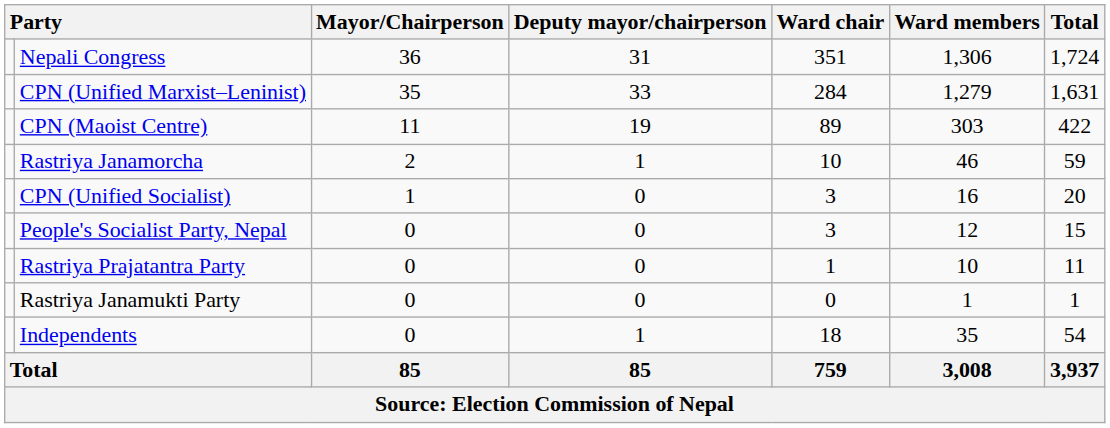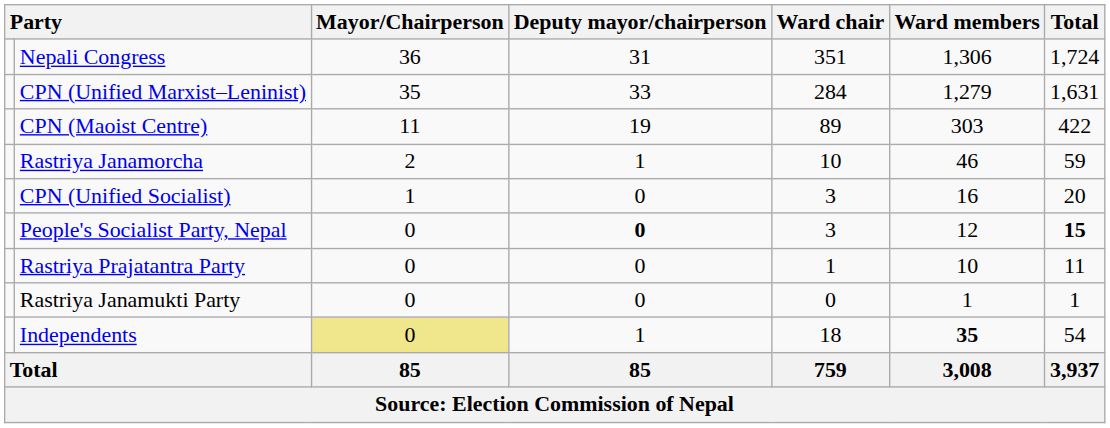 <table class="wikitable sortable" style="text-align:right">
 <tr>
 <th colspan="2" style="text-align:left;">Party</th>
 <th>Mayor/Chairperson</th>
 <th>Deputy mayor/chairperson</th>
 <th>Ward chair</th>
 <th>Ward members</th>
 <th>Total</th>
 </tr>
 <tr>
 <td style="background-color:"></td>
 <td style="text-align:left;"><a href='#'>Nepali Congress</a></td>
 <td style="text-align:center;">36</td>
 <td style="text-align:center;">31</td>
 <td style="text-align:center;">351</td>
 <td style="text-align:center;">1,306</td>
 <td style="text-align:center;">1,724</td>
 </tr>
 <tr>
 <td style="background-color:"></td>
 <td style="text-align:left;"><a href='#'>CPN (Unified Marxist–Leninist)</a></td>
 <td style="text-align:center;">35</td>
 <td style="text-align:center;">33</td>
 <td style="text-align:center;">284</td>
 <td style="text-align:center;">1,279</td>
 <td style="text-align:center;">1,631</td>
 </tr>
 <tr>
 <td style="background-color:"></td>
 <td style="text-align:left;"><a href='#'>CPN (Maoist Centre)</a></td>
 <td style="text-align:center;">11</td>
 <td style="text-align:center;">19</td>
 <td style="text-align:center;">89</td>
 <td style="text-align:center;">303</td>
 <td style="text-align:center;">422</td>
 </tr>
 <tr>
 <td style="background-color:"></td>
 <td style="text-align:left;"><a href='#'>Rastriya Janamorcha</a></td>
 <td style="text-align:center;">2</td>
 <td style="text-align:center;">1</td>
 <td style="text-align:center;">10</td>
 <td style="text-align:center;">46</td>
 <td style="text-align:center;">59</td>
 </tr>
 <tr>
 <td style="background-color:"></td>
 <td style="text-align:left;"><a href='#'>CPN (Unified Socialist)</a></td>
 <td style="text-align:center;">1</td>
 <td style="text-align:center;">0</td>
 <td style="text-align:center;">3</td>
 <td style="text-align:center;">16</td>
 <td style="text-align:center;">20</td>
 </tr>
 <tr>
 <td></td>
 <td style="text-align:left;"><a href='#'>People's Socialist Party, Nepal</a></td>
 <td style="text-align:center;">0</td>
-<td style="text-align:center;">0</td>
+<td style="text-align:center;"><strong>0</strong></td>
 <td style="text-align:center;">3</td>
 <td style="text-align:center;">12</td>
-<td style="text-align:center;">15</td>
+<td style="text-align:center;"><strong>15</strong></td>
 </tr>
 <tr>
 <td style="background-color:"></td>
 <td style="text-align:left;"><a href='#'>Rastriya Prajatantra Party</a></td>
 <td style="text-align:center;">0</td>
 <td style="text-align:center;">0</td>
 <td style="text-align:center;">1</td>
 <td style="text-align:center;">10</td>
 <td style="text-align:center;">11</td>
 </tr>
 <tr>
 <td></td>
 <td style="text-align:left;">Rastriya Janamukti Party</td>
 <td style="text-align:center;">0</td>
 <td style="text-align:center;">0</td>
 <td style="text-align:center;">0</td>
 <td style="text-align:center;">1</td>
 <td style="text-align:center;">1</td>
 </tr>
 <tr>
 <td style="background-color:"></td>
 <td style="text-align:left;"><a href='#'>Independents</a></td>
-<td style="text-align:center;">0</td>
+<td style="background: khaki; text-align:center;">0</td>
 <td style="text-align:center;">1</td>
 <td style="text-align:center;">18</td>
-<td style="text-align:center;">35</td>
+<td style="text-align:center;"><strong>35</strong></td>
 <td style="text-align:center;">54</td>
 </tr>
 <tr>
 <th colspan="2" style="text-align:left;">Total</th>
 <th>85</th>
 <th>85</th>
 <th>759</th>
 <th>3,008</th>
 <th>3,937</th>
 </tr>
 <tr>
 <th colspan="7">Source: Election Commission of Nepal</th>
 </tr>
 </table>
